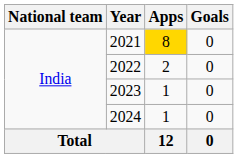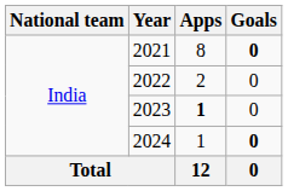 <table class="wikitable" style="text-align: center;">
 <tr>
 <th>National team</th>
 <th>Year</th>
 <th>Apps</th>
 <th>Goals</th>
 </tr>
 <tr>
 <td rowspan="4"><a href='#'>India</a></td>
 <td>2021</td>
-<td style="background: gold;">8</td>
-<td>0</td>
+<td>8</td>
+<td><strong>0</strong></td>
 </tr>
 <tr>
 <td>2022</td>
 <td>2</td>
 <td>0</td>
 </tr>
 <tr>
 <td>2023</td>
-<td>1</td>
+<td><strong>1</strong></td>
 <td>0</td>
 </tr>
 <tr>
 <td>2024</td>
 <td>1</td>
-<td>0</td>
+<td><strong>0</strong></td>
 </tr>
 <tr>
 <th colspan="2">Total</th>
 <th>12</th>
 <th>0</th>
 </tr>
 </table>
